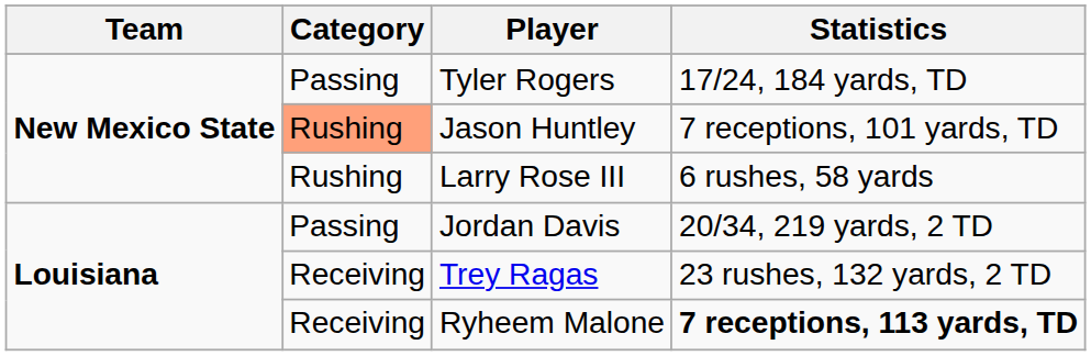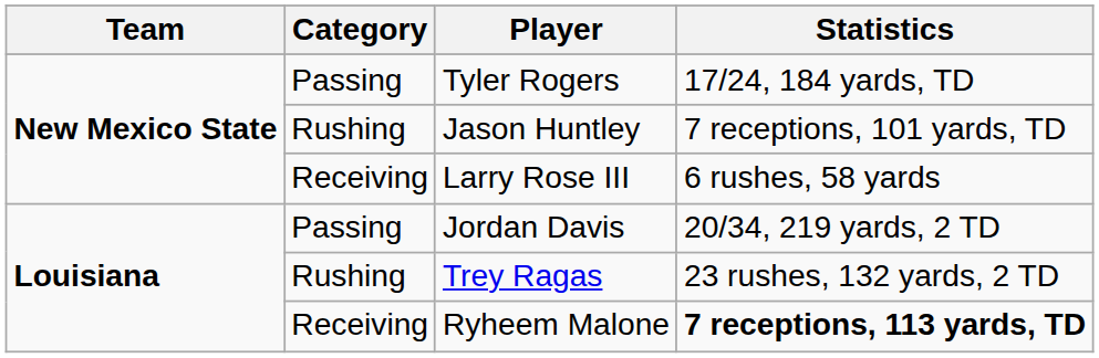 <table class="wikitable" style="float: right;">
 <tr>
 <th>Team</th>
 <th>Category</th>
 <th>Player</th>
 <th>Statistics</th>
 </tr>
 <tr>
 <td rowspan=3><strong>New Mexico State</strong></td>
 <td>Passing</td>
 <td>Tyler Rogers</td>
 <td>17/24, 184 yards, TD</td>
 </tr>
 <tr>
-<td style="background: lightsalmon;">Rushing</td>
+<td>Rushing</td>
 <td>Jason Huntley</td>
 <td>7 receptions, 101 yards, TD</td>
 </tr>
 <tr>
-<td>Rushing</td>
+<td>Receiving</td>
 <td>Larry Rose III</td>
 <td>6 rushes, 58 yards</td>
 </tr>
 <tr>
 <td rowspan=3><strong>Louisiana</strong></td>
 <td>Passing</td>
 <td>Jordan Davis</td>
 <td>20/34, 219 yards, 2 TD</td>
 </tr>
 <tr>
-<td>Receiving</td>
+<td>Rushing</td>
 <td><a href='#'>Trey Ragas</a></td>
 <td>23 rushes, 132 yards, 2 TD</td>
 </tr>
 <tr>
 <td>Receiving</td>
 <td>Ryheem Malone</td>
 <td><strong>7 receptions, 113 yards, TD</strong></td>
 </tr>
 </table>
